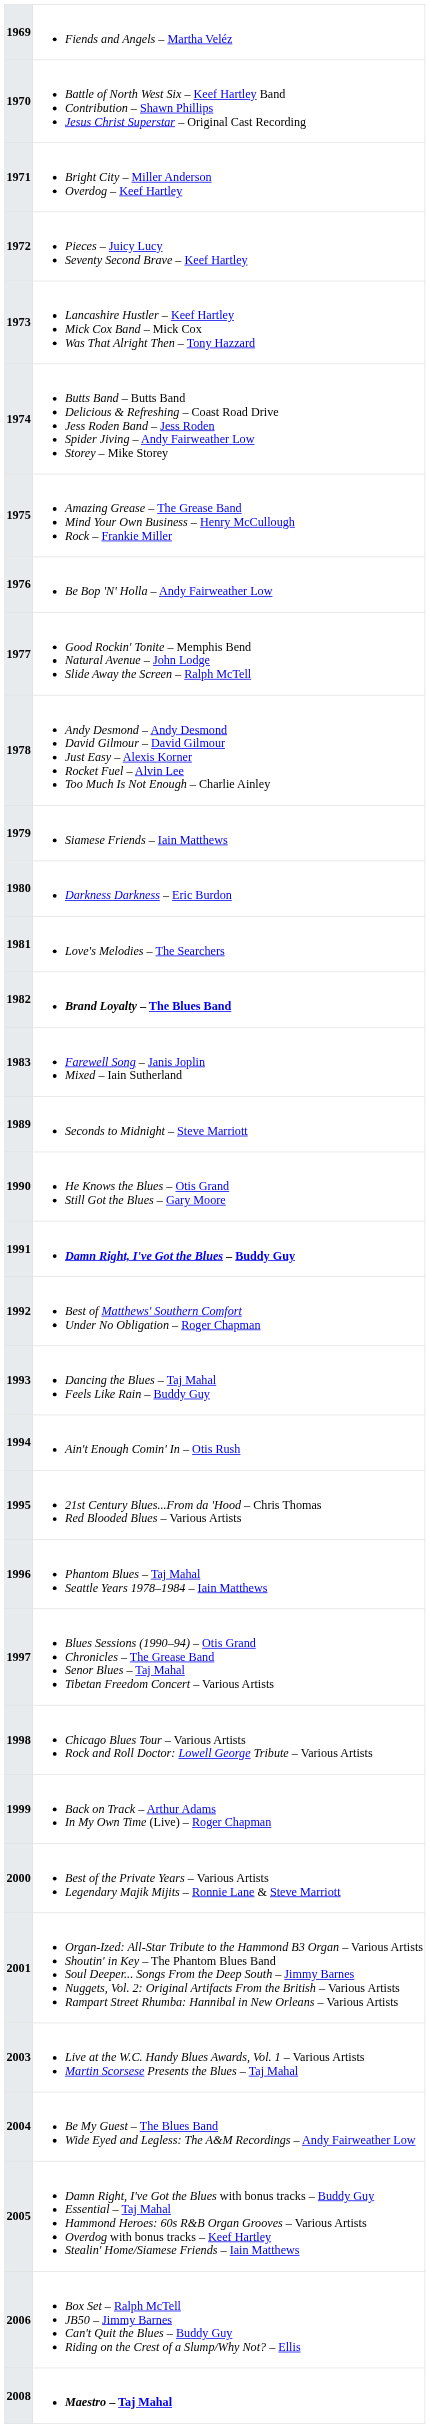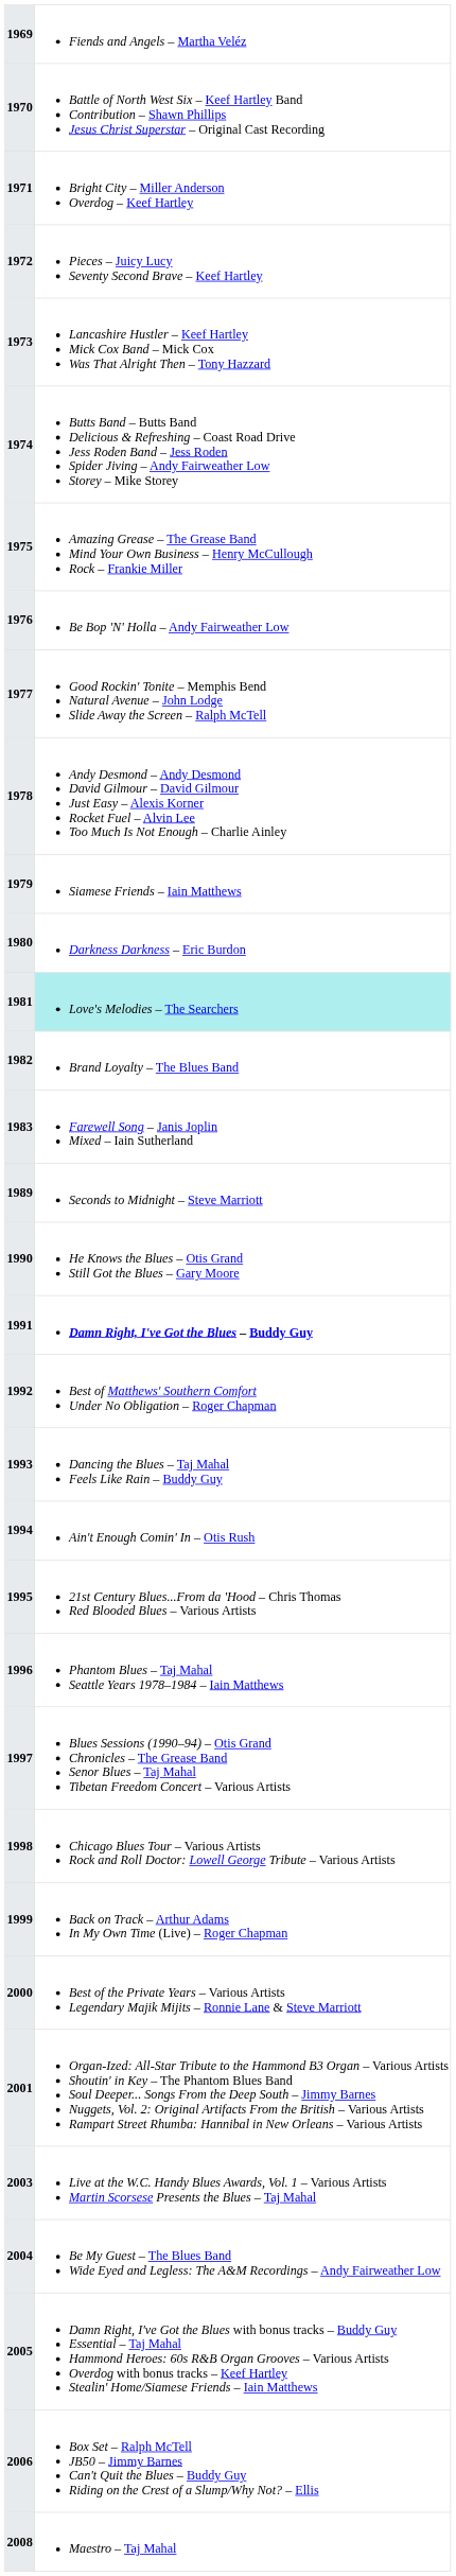 <table class="toccolours" border=1 cellpadding=2 cellspacing=0 style="float: width: 375px; margin: 0 0 1em 1em; border-collapse: collapse; border: 1px solid #E2E2E2;">
 <tr>
 <th style="background:#e7ebee;">1969</th>
 <td><br><ul><li><em>Fiends and Angels</em> – <a href='#'>Martha Veléz</a></li></ul></td>
 </tr>
 <tr>
 <th style="background:#e7ebee;">1970</th>
 <td><br><ul><li><em>Battle of North West Six</em> – <a href='#'>Keef Hartley</a> Band</li><li><em>Contribution</em> – <a href='#'>Shawn Phillips</a></li><li><em><a href='#'>Jesus Christ Superstar</a></em> – Original Cast Recording</li></ul></td>
 </tr>
 <tr>
 <th style="background:#e7ebee;">1971</th>
 <td><br><ul><li><em>Bright City</em> – <a href='#'>Miller Anderson</a></li><li><em>Overdog</em> – <a href='#'>Keef Hartley</a></li></ul></td>
 </tr>
 <tr>
 <th style="background:#e7ebee;">1972</th>
 <td><br><ul><li><em>Pieces</em> – <a href='#'>Juicy Lucy</a></li><li><em>Seventy Second Brave</em> – <a href='#'>Keef Hartley</a></li></ul></td>
 </tr>
 <tr>
 <th style="background:#e7ebee;">1973</th>
 <td><br><ul><li><em>Lancashire Hustler</em> – <a href='#'>Keef Hartley</a></li><li><em>Mick Cox Band</em> – Mick Cox</li><li><em>Was That Alright Then</em> – <a href='#'>Tony Hazzard</a></li></ul></td>
 </tr>
 <tr>
 <th style="background:#e7ebee;">1974</th>
 <td><br><ul><li><em>Butts Band</em> – Butts Band</li><li><em>Delicious & Refreshing</em> – Coast Road Drive</li><li><em>Jess Roden Band</em> – <a href='#'>Jess Roden</a></li><li><em>Spider Jiving</em> – <a href='#'>Andy Fairweather Low</a></li><li><em>Storey</em> – Mike Storey</li></ul></td>
 </tr>
 <tr>
 <th style="background:#e7ebee;">1975</th>
 <td><br><ul><li><em>Amazing Grease</em> – <a href='#'>The Grease Band</a></li><li><em>Mind Your Own Business</em> – <a href='#'>Henry McCullough</a></li><li><em>Rock</em> – <a href='#'>Frankie Miller</a></li></ul></td>
 </tr>
 <tr>
 <th style="background:#e7ebee;">1976</th>
 <td><br><ul><li><em>Be Bop 'N' Holla</em> – <a href='#'>Andy Fairweather Low</a></li></ul></td>
 </tr>
 <tr>
 <th style="background:#e7ebee;">1977</th>
 <td><br><ul><li><em>Good Rockin' Tonite</em> – Memphis Bend</li><li><em>Natural Avenue</em> – <a href='#'>John Lodge</a></li><li><em>Slide Away the Screen</em> – <a href='#'>Ralph McTell</a></li></ul></td>
 </tr>
 <tr>
 <th style="background:#e7ebee;">1978</th>
 <td><br><ul><li><em>Andy Desmond</em> – <a href='#'>Andy Desmond</a></li><li><em>David Gilmour</em> – <a href='#'>David Gilmour</a></li><li><em>Just Easy</em> – <a href='#'>Alexis Korner</a></li><li><em>Rocket Fuel</em> – <a href='#'>Alvin Lee</a></li><li><em>Too Much Is Not Enough</em> – Charlie Ainley</li></ul></td>
 </tr>
 <tr>
 <th style="background:#e7ebee;">1979</th>
 <td><br><ul><li><em>Siamese Friends</em> – <a href='#'>Iain Matthews</a></li></ul></td>
 </tr>
 <tr>
 <th style="background:#e7ebee;">1980</th>
 <td><br><ul><li><em><a href='#'>Darkness Darkness</a></em> – <a href='#'>Eric Burdon</a></li></ul></td>
 </tr>
 <tr>
 <th style="background:#e7ebee;">1981</th>
-<td><br><ul><li><em>Love's Melodies</em> – <a href='#'>The Searchers</a></li></ul></td>
+<td style="background: paleturquoise;"><br><ul><li><em>Love's Melodies</em> – <a href='#'>The Searchers</a></li></ul></td>
 </tr>
 <tr>
 <th style="background:#e7ebee;">1982</th>
-<td><strong><br><ul><li><em>Brand Loyalty</em> – <a href='#'>The Blues Band</a></li></ul></strong></td>
+<td><br><ul><li><em>Brand Loyalty</em> – <a href='#'>The Blues Band</a></li></ul></td>
 </tr>
 <tr>
 <th style="background:#e7ebee;">1983</th>
 <td><br><ul><li><em><a href='#'>Farewell Song</a></em> – <a href='#'>Janis Joplin</a></li><li><em>Mixed</em> – Iain Sutherland</li></ul></td>
 </tr>
 <tr>
 <th style="background:#e7ebee;">1989</th>
 <td><br><ul><li><em>Seconds to Midnight</em> – <a href='#'>Steve Marriott</a></li></ul></td>
 </tr>
 <tr>
 <th style="background:#e7ebee;">1990</th>
 <td><br><ul><li><em>He Knows the Blues</em> – <a href='#'>Otis Grand</a></li><li><em>Still Got the Blues</em> – <a href='#'>Gary Moore</a></li></ul></td>
 </tr>
 <tr>
 <th style="background:#e7ebee;">1991</th>
 <td><strong><br><ul><li><em><a href='#'>Damn Right, I've Got the Blues</a></em> – <a href='#'>Buddy Guy</a></li></ul></strong></td>
 </tr>
 <tr>
 <th style="background:#e7ebee;">1992</th>
 <td><br><ul><li><em>Best of <a href='#'>Matthews' Southern Comfort</a></em></li><li><em>Under No Obligation</em> – <a href='#'>Roger Chapman</a></li></ul></td>
 </tr>
 <tr>
 <th style="background:#e7ebee;">1993</th>
 <td><br><ul><li><em>Dancing the Blues</em> – <a href='#'>Taj Mahal</a></li><li><em>Feels Like Rain</em> – <a href='#'>Buddy Guy</a></li></ul></td>
 </tr>
 <tr>
 <th style="background:#e7ebee;">1994</th>
 <td><br><ul><li><em>Ain't Enough Comin' In</em> – <a href='#'>Otis Rush</a></li></ul></td>
 </tr>
 <tr>
 <th style="background:#e7ebee;">1995</th>
 <td><br><ul><li><em>21st Century Blues...From da 'Hood</em> – Chris Thomas</li><li><em>Red Blooded Blues</em> – Various Artists</li></ul></td>
 </tr>
 <tr>
 <th style="background:#e7ebee;">1996</th>
 <td><br><ul><li><em>Phantom Blues</em> – <a href='#'>Taj Mahal</a></li><li><em>Seattle Years 1978–1984</em> – <a href='#'>Iain Matthews</a></li></ul></td>
 </tr>
 <tr>
 <th style="background:#e7ebee;">1997</th>
 <td><br><ul><li><em>Blues Sessions (1990–94)</em> – <a href='#'>Otis Grand</a></li><li><em>Chronicles</em> – <a href='#'>The Grease Band</a></li><li><em>Senor Blues</em> – <a href='#'>Taj Mahal</a></li><li><em>Tibetan Freedom Concert</em> – Various Artists</li></ul></td>
 </tr>
 <tr>
 <th style="background:#e7ebee;">1998</th>
 <td><br><ul><li><em>Chicago Blues Tour</em> – Various Artists</li><li><em>Rock and Roll Doctor: <a href='#'>Lowell George</a> Tribute</em> – Various Artists</li></ul></td>
 </tr>
 <tr>
 <th style="background:#e7ebee;">1999</th>
 <td><br><ul><li><em>Back on Track</em> – <a href='#'>Arthur Adams</a></li><li><em>In My Own Time</em> (Live) – <a href='#'>Roger Chapman</a></li></ul></td>
 </tr>
 <tr>
 <th style="background:#e7ebee;">2000</th>
 <td><br><ul><li><em>Best of the Private Years</em> – Various Artists</li><li><em>Legendary Majik Mijits</em> – <a href='#'>Ronnie Lane</a> & <a href='#'>Steve Marriott</a></li></ul></td>
 </tr>
 <tr>
 <th style="background:#e7ebee;">2001</th>
 <td><br><ul><li><em>Organ-Ized: All-Star Tribute to the Hammond B3 Organ</em> – Various Artists</li><li><em>Shoutin' in Key</em> – The Phantom Blues Band</li><li><em>Soul Deeper... Songs From the Deep South</em> – <a href='#'>Jimmy Barnes</a></li><li><em>Nuggets, Vol. 2: Original Artifacts From the British</em> – Various Artists</li><li><em>Rampart Street Rhumba: Hannibal in New Orleans</em> – Various Artists</li></ul></td>
 </tr>
 <tr>
 <th style="background:#e7ebee;">2003</th>
 <td><br><ul><li><em>Live at the W.C. Handy Blues Awards, Vol. 1</em> – Various Artists</li><li><em><a href='#'>Martin Scorsese</a> Presents the Blues</em> – <a href='#'>Taj Mahal</a></li></ul></td>
 </tr>
 <tr>
 <th style="background:#e7ebee;">2004</th>
 <td><br><ul><li><em>Be My Guest</em> – <a href='#'>The Blues Band</a></li><li><em>Wide Eyed and Legless: The A&M Recordings</em> – <a href='#'>Andy Fairweather Low</a></li></ul></td>
 </tr>
 <tr>
 <th style="background:#e7ebee;">2005</th>
 <td><br><ul><li><em>Damn Right, I've Got the Blues</em> with bonus tracks – <a href='#'>Buddy Guy</a></li><li><em>Essential</em> – <a href='#'>Taj Mahal</a></li><li><em>Hammond Heroes: 60s R&B Organ Grooves</em> – Various Artists</li><li><em>Overdog</em> with bonus tracks – <a href='#'>Keef Hartley</a></li><li><em>Stealin' Home/Siamese Friends</em> – <a href='#'>Iain Matthews</a></li></ul></td>
 </tr>
 <tr>
 <th style="background:#e7ebee;">2006</th>
 <td><br><ul><li><em>Box Set</em> – <a href='#'>Ralph McTell</a></li><li><em>JB50</em> – <a href='#'>Jimmy Barnes</a></li><li><em>Can't Quit the Blues</em> – <a href='#'>Buddy Guy</a></li><li><em>Riding on the Crest of a Slump/Why Not?</em> – <a href='#'>Ellis</a></li></ul></td>
 </tr>
 <tr>
 <th style="background:#e7ebee;">2008</th>
-<td><strong><br><ul><li><em>Maestro</em> – <a href='#'>Taj Mahal</a></li></ul></strong></td>
+<td><br><ul><li><em>Maestro</em> – <a href='#'>Taj Mahal</a></li></ul></td>
 </tr>
 </table>
